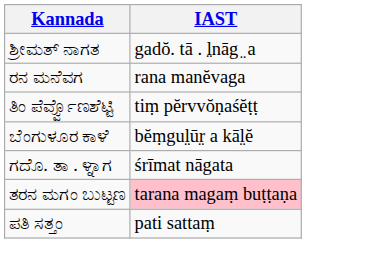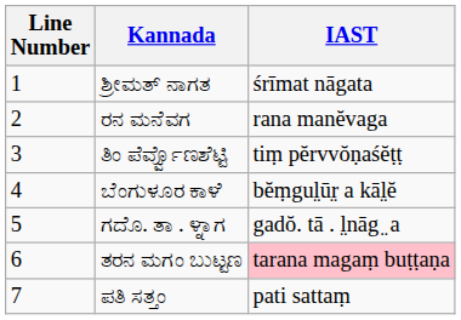 <table class="wikitable">
 <tr>
+<th>Line<br>Number</th>
 <th><a href='#'>Kannada</a></th>
 <th><a href='#'>IAST</a></th>
 </tr>
 <tr>
+<td>1</td>
 <td>ಶ್ರೀಮತ್‌ ನಾಗತ</td>
-<td>gadŏ. tā . l̤nāg ̤ a</td>
+<td>śrīmat nāgata</td>
 </tr>
 <tr>
+<td>2</td>
 <td>ರನ ಮನೆವಗ</td>
 <td>rana manĕvaga</td>
 </tr>
 <tr>
+<td>3</td>
 <td>ತಿಂ ಪೆರ್ವ್ವೊಣಶೆಟ್ಟಿ</td>
 <td>tiṃ pĕrvvŏṇaśĕṭṭ</td>
 </tr>
 <tr>
+<td>4</td>
 <td>ಬೆಂಗುಳೂರ ಕಾಳೆ</td>
 <td>bĕṃgul̤ūr̤ a kāl̤ĕ</td>
 </tr>
 <tr>
+<td>5</td>
 <td>ಗದೊ. ತಾ . ಳ್ನಾಗ</td>
-<td>śrīmat nāgata</td>
+<td>gadŏ. tā . l̤nāg ̤ a</td>
 </tr>
 <tr>
+<td>6</td>
 <td>ತರನ ಮಗಂ ಬುಟ್ಟಣ</td>
 <td style="background: pink;">tarana magaṃ buṭṭaṇa</td>
 </tr>
 <tr>
+<td>7</td>
 <td>ಪತಿ ಸತ್ತಂ</td>
 <td>pati sattaṃ</td>
 </tr>
 </table>
